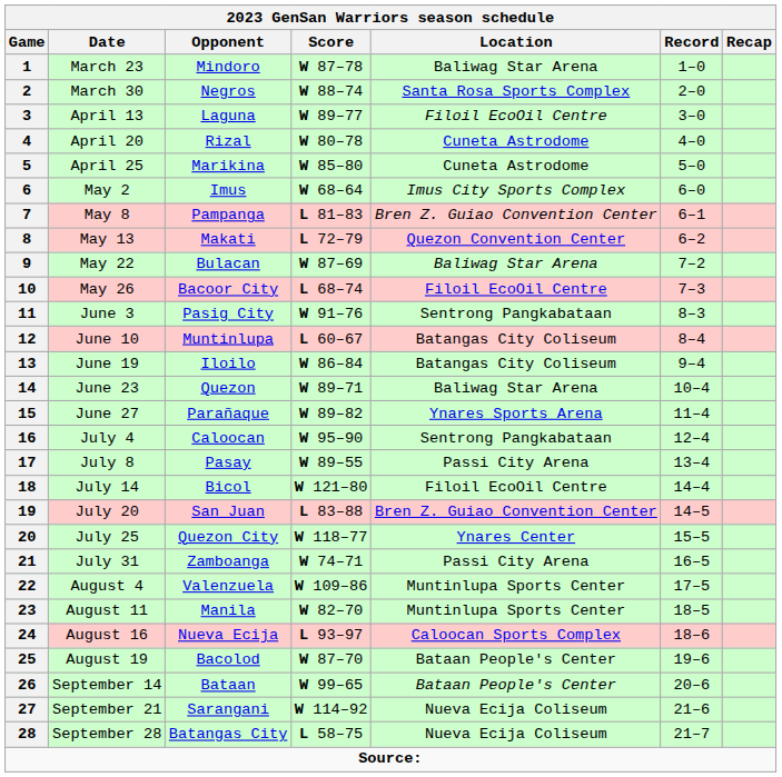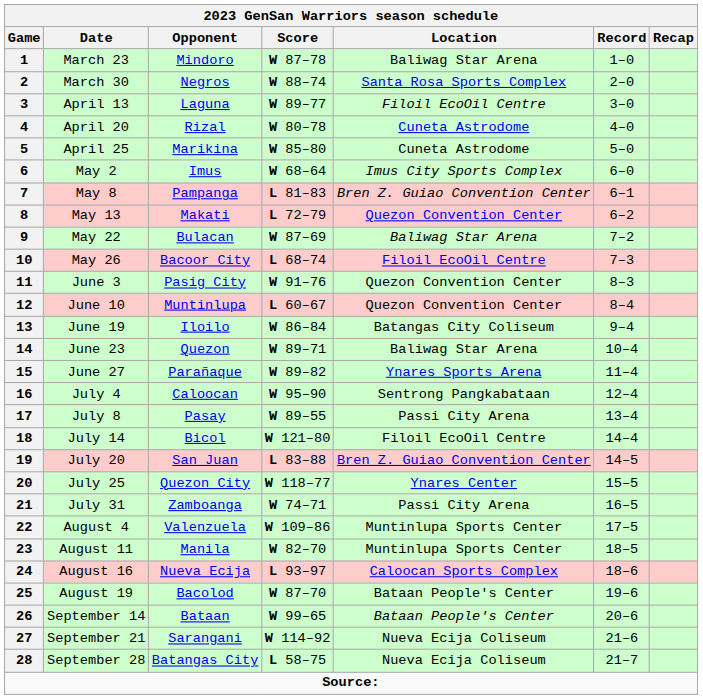 <table class="wikitable" style="text-align:center">
 <tr>
 <th colspan=7>2023 GenSan Warriors season schedule</th>
 </tr>
 <tr>
 <th>Game</th>
 <th>Date</th>
 <th>Opponent</th>
 <th>Score</th>
 <th>Location</th>
 <th>Record</th>
 <th>Recap<br></th>
 </tr>
 <tr style="background:#cfc">
 <th>1</th>
 <td>March 23</td>
 <td><a href='#'>Mindoro</a></td>
 <td><strong>W</strong>  87–78</td>
 <td>Baliwag Star Arena</td>
 <td>1–0</td>
 <td></td>
 </tr>
 <tr style="background:#cfc">
 <th>2</th>
 <td>March 30</td>
 <td><a href='#'>Negros</a></td>
 <td><strong>W</strong>  88–74</td>
 <td><a href='#'>Santa Rosa Sports Complex</a></td>
 <td>2–0</td>
 <td></td>
 </tr>
 <tr style="background:#cfc">
 <th>3</th>
 <td>April 13</td>
 <td><a href='#'>Laguna</a></td>
 <td><strong>W</strong>  89–77</td>
 <td><em>Filoil EcoOil Centre</em></td>
 <td>3–0</td>
 <td></td>
 </tr>
 <tr style="background:#cfc">
 <th>4</th>
 <td>April 20</td>
 <td><a href='#'>Rizal</a></td>
 <td><strong>W</strong>  80–78</td>
 <td><a href='#'>Cuneta Astrodome</a></td>
 <td>4–0</td>
 <td></td>
 </tr>
 <tr style="background:#cfc">
 <th>5</th>
 <td>April 25</td>
 <td><a href='#'>Marikina</a></td>
 <td><strong>W</strong>  85–80</td>
 <td>Cuneta Astrodome</td>
 <td>5–0</td>
 <td></td>
 </tr>
 <tr style="background:#cfc">
 <th>6</th>
 <td>May 2</td>
 <td><a href='#'>Imus</a></td>
 <td><strong>W</strong>  68–64</td>
 <td><em>Imus City Sports Complex</em></td>
 <td>6–0</td>
 <td></td>
 </tr>
 <tr style="background:#fcc">
 <th>7</th>
 <td>May 8</td>
 <td><a href='#'>Pampanga</a></td>
 <td><strong>L</strong>  81–83</td>
 <td><em>Bren Z. Guiao Convention Center</em></td>
 <td>6–1</td>
 <td></td>
 </tr>
 <tr style="background:#fcc">
 <th>8</th>
 <td>May 13</td>
 <td><a href='#'>Makati</a></td>
 <td><strong>L</strong>  72–79</td>
 <td><a href='#'>Quezon Convention Center</a></td>
 <td>6–2</td>
 <td></td>
 </tr>
 <tr style="background:#cfc">
 <th>9</th>
 <td>May 22</td>
 <td><a href='#'>Bulacan</a></td>
 <td><strong>W</strong>  87–69</td>
 <td><em>Baliwag Star Arena</em></td>
 <td>7–2</td>
 <td></td>
 </tr>
 <tr style="background:#fcc">
 <th>10</th>
 <td>May 26</td>
 <td><a href='#'>Bacoor City</a></td>
 <td><strong>L</strong>  68–74</td>
 <td><a href='#'>Filoil EcoOil Centre</a></td>
 <td>7–3</td>
 <td><br></td>
 </tr>
 <tr style="background:#cfc">
 <th>11</th>
 <td>June 3</td>
 <td><a href='#'>Pasig City</a></td>
 <td><strong>W</strong>  91–76</td>
-<td>Sentrong Pangkabataan</td>
+<td>Quezon Convention Center</td>
 <td>8–3</td>
 <td></td>
 </tr>
 <tr style="background:#fcc">
 <th>12</th>
 <td>June 10</td>
 <td><a href='#'>Muntinlupa</a></td>
 <td><strong>L</strong>  60–67</td>
-<td>Batangas City Coliseum</td>
+<td>Quezon Convention Center</td>
 <td>8–4</td>
 <td></td>
 </tr>
 <tr style="background:#cfc">
 <th>13</th>
 <td>June 19</td>
 <td><a href='#'>Iloilo</a></td>
 <td><strong>W</strong>  86–84</td>
 <td>Batangas City Coliseum</td>
 <td>9–4</td>
 <td></td>
 </tr>
 <tr style="background:#cfc">
 <th>14</th>
 <td>June 23</td>
 <td><a href='#'>Quezon</a></td>
 <td><strong>W</strong>  89–71</td>
 <td>Baliwag Star Arena</td>
 <td>10–4</td>
 <td></td>
 </tr>
 <tr style="background:#cfc">
 <th>15</th>
 <td>June 27</td>
 <td><a href='#'>Parañaque</a></td>
 <td><strong>W</strong>  89–82</td>
 <td><a href='#'>Ynares Sports Arena</a></td>
 <td>11–4</td>
 <td></td>
 </tr>
 <tr style="background:#cfc">
 <th>16</th>
 <td>July 4</td>
 <td><a href='#'>Caloocan</a></td>
 <td><strong>W</strong>  95–90</td>
 <td>Sentrong Pangkabataan</td>
 <td>12–4</td>
 <td></td>
 </tr>
 <tr style="background:#cfc">
 <th>17</th>
 <td>July 8</td>
 <td><a href='#'>Pasay</a></td>
 <td><strong>W</strong>  89–55</td>
 <td>Passi City Arena</td>
 <td>13–4</td>
 <td></td>
 </tr>
 <tr style="background:#cfc">
 <th>18</th>
 <td>July 14</td>
 <td><a href='#'>Bicol</a></td>
 <td><strong>W</strong>  121–80</td>
 <td>Filoil EcoOil Centre</td>
 <td>14–4</td>
 <td></td>
 </tr>
 <tr style="background:#fcc">
 <th>19</th>
 <td>July 20</td>
 <td><a href='#'>San Juan</a></td>
 <td><strong>L</strong>  83–88</td>
 <td><a href='#'>Bren Z. Guiao Convention Center</a></td>
 <td>14–5</td>
 <td></td>
 </tr>
 <tr style="background:#cfc">
 <th>20</th>
 <td>July 25</td>
 <td><a href='#'>Quezon City</a></td>
 <td><strong>W</strong>  118–77</td>
 <td><a href='#'>Ynares Center</a></td>
 <td>15–5</td>
 <td></td>
 </tr>
 <tr style="background:#cfc">
 <th>21</th>
 <td>July 31</td>
 <td><a href='#'>Zamboanga</a></td>
 <td><strong>W</strong>  74–71</td>
 <td>Passi City Arena</td>
 <td>16–5</td>
 <td><br></td>
 </tr>
 <tr style="background:#cfc">
 <th>22</th>
 <td>August 4</td>
 <td><a href='#'>Valenzuela</a></td>
 <td><strong>W</strong>  109–86</td>
 <td>Muntinlupa Sports Center</td>
 <td>17–5</td>
 <td></td>
 </tr>
 <tr style="background:#cfc">
 <th>23</th>
 <td>August 11</td>
 <td><a href='#'>Manila</a></td>
 <td><strong>W</strong>  82–70</td>
 <td>Muntinlupa Sports Center</td>
 <td>18–5</td>
 <td></td>
 </tr>
 <tr style="background:#fcc">
 <th>24</th>
 <td>August 16</td>
 <td><a href='#'>Nueva Ecija</a></td>
 <td><strong>L</strong>  93–97</td>
 <td><a href='#'>Caloocan Sports Complex</a></td>
 <td>18–6</td>
 <td></td>
 </tr>
 <tr style="background:#cfc">
 <th>25</th>
 <td>August 19</td>
 <td><a href='#'>Bacolod</a></td>
 <td><strong>W</strong>  87–70</td>
 <td>Bataan People's Center</td>
 <td>19–6</td>
 <td></td>
 </tr>
 <tr style="background:#cfc">
 <th>26</th>
 <td>September 14</td>
 <td><a href='#'>Bataan</a></td>
 <td><strong>W</strong>  99–65</td>
 <td><em>Bataan People's Center</em></td>
 <td>20–6</td>
 <td></td>
 </tr>
 <tr style="background:#cfc">
 <th>27</th>
 <td>September 21</td>
 <td><a href='#'>Sarangani</a></td>
 <td><strong>W</strong>  114–92</td>
 <td>Nueva Ecija Coliseum</td>
 <td>21–6</td>
 <td></td>
 </tr>
 <tr style="background:#cfc">
 <th>28</th>
 <td>September 28</td>
 <td><a href='#'>Batangas City</a></td>
 <td><strong>L</strong>  58–75</td>
 <td>Nueva Ecija Coliseum</td>
 <td>21–7</td>
 <td></td>
 </tr>
 <tr>
 <td colspan=7 align=center><strong>Source: </strong></td>
 </tr>
 </table>
